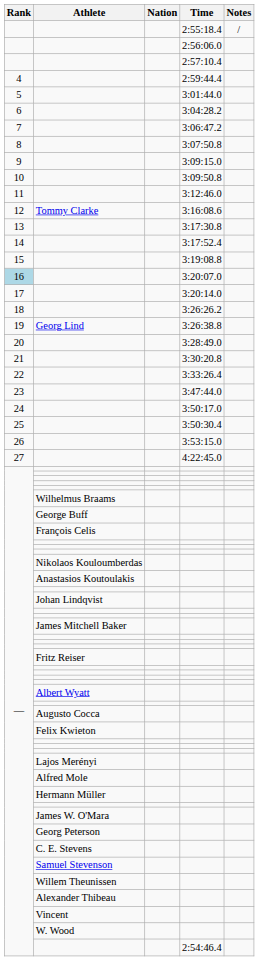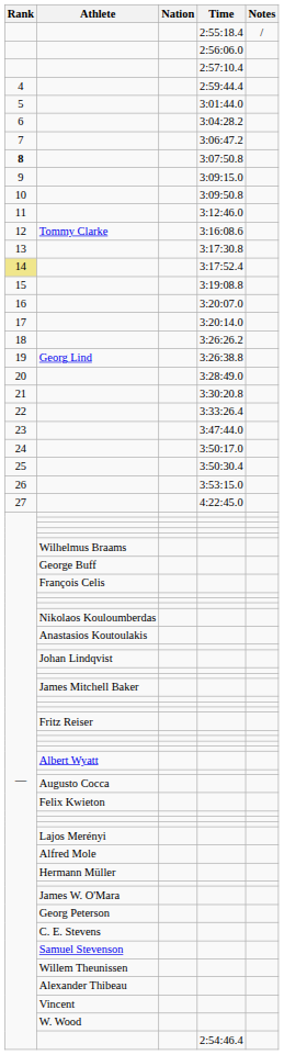 <table class="wikitable sortable" style="text-align:center">
 <tr>
 <th>Rank</th>
 <th>Athlete</th>
 <th>Nation</th>
 <th>Time</th>
 <th>Notes</th>
 </tr>
 <tr>
 <td></td>
 <td align=left></td>
 <td align=left></td>
 <td>2:55:18.4</td>
 <td>/</td>
 </tr>
 <tr>
 <td></td>
 <td align=left></td>
 <td align=left></td>
 <td>2:56:06.0</td>
 <td></td>
 </tr>
 <tr>
 <td></td>
 <td align=left></td>
 <td align=left></td>
 <td>2:57:10.4</td>
 <td></td>
 </tr>
 <tr>
 <td>4</td>
 <td align=left></td>
 <td align=left></td>
 <td>2:59:44.4</td>
 <td></td>
 </tr>
 <tr>
 <td>5</td>
 <td align=left></td>
 <td align=left></td>
 <td>3:01:44.0</td>
 <td></td>
 </tr>
 <tr>
 <td>6</td>
 <td align=left></td>
 <td align=left></td>
 <td>3:04:28.2</td>
 <td></td>
 </tr>
 <tr>
 <td>7</td>
 <td align=left></td>
 <td align=left></td>
 <td>3:06:47.2</td>
 <td></td>
 </tr>
 <tr>
-<td>8</td>
+<td><strong>8</strong></td>
 <td align=left></td>
 <td align=left></td>
 <td>3:07:50.8</td>
 <td></td>
 </tr>
 <tr>
 <td>9</td>
 <td align=left></td>
 <td align=left></td>
 <td>3:09:15.0</td>
 <td></td>
 </tr>
 <tr>
 <td>10</td>
 <td align=left></td>
 <td align=left></td>
 <td>3:09:50.8</td>
 <td></td>
 </tr>
 <tr>
 <td>11</td>
 <td align=left></td>
 <td align=left></td>
 <td>3:12:46.0</td>
 <td></td>
 </tr>
 <tr>
 <td>12</td>
 <td align=left><a href='#'>Tommy Clarke</a></td>
 <td align=left></td>
 <td>3:16:08.6</td>
 <td></td>
 </tr>
 <tr>
 <td>13</td>
 <td align=left></td>
 <td align=left></td>
 <td>3:17:30.8</td>
 <td></td>
 </tr>
 <tr>
-<td>14</td>
+<td style="background: khaki;">14</td>
 <td align=left></td>
 <td align=left></td>
 <td>3:17:52.4</td>
 <td></td>
 </tr>
 <tr>
 <td>15</td>
 <td align=left></td>
 <td align=left></td>
 <td>3:19:08.8</td>
 <td></td>
 </tr>
 <tr>
-<td style="background: lightblue;">16</td>
+<td>16</td>
 <td align=left></td>
 <td align=left></td>
 <td>3:20:07.0</td>
 <td></td>
 </tr>
 <tr>
 <td>17</td>
 <td align=left></td>
 <td align=left></td>
 <td>3:20:14.0</td>
 <td></td>
 </tr>
 <tr>
 <td>18</td>
 <td align=left></td>
 <td align=left></td>
 <td>3:26:26.2</td>
 <td></td>
 </tr>
 <tr>
 <td>19</td>
 <td align=left><a href='#'>Georg Lind</a></td>
 <td align=left></td>
 <td>3:26:38.8</td>
 <td></td>
 </tr>
 <tr>
 <td>20</td>
 <td align=left></td>
 <td align=left></td>
 <td>3:28:49.0</td>
 <td></td>
 </tr>
 <tr>
 <td>21</td>
 <td align=left></td>
 <td align=left></td>
 <td>3:30:20.8</td>
 <td></td>
 </tr>
 <tr>
 <td>22</td>
 <td align=left></td>
 <td align=left></td>
 <td>3:33:26.4</td>
 <td></td>
 </tr>
 <tr>
 <td>23</td>
 <td align=left></td>
 <td align=left></td>
 <td>3:47:44.0</td>
 <td></td>
 </tr>
 <tr>
 <td>24</td>
 <td align=left></td>
 <td align=left></td>
 <td>3:50:17.0</td>
 <td></td>
 </tr>
 <tr>
 <td>25</td>
 <td align=left></td>
 <td align=left></td>
 <td>3:50:30.4</td>
 <td></td>
 </tr>
 <tr>
 <td>26</td>
 <td align=left></td>
 <td align=left></td>
 <td>3:53:15.0</td>
 <td></td>
 </tr>
 <tr>
 <td>27</td>
 <td align=left></td>
 <td align=left></td>
 <td>4:22:45.0</td>
 <td></td>
 </tr>
 <tr>
 <td rowspan=46 data-sort-value=28>—</td>
 <td align=left></td>
 <td align=left></td>
 <td></td>
 <td></td>
 </tr>
 <tr>
 <td align=left></td>
 <td align=left></td>
 <td></td>
 <td></td>
 </tr>
 <tr>
 <td align=left></td>
 <td align=left></td>
 <td></td>
 <td></td>
 </tr>
 <tr>
 <td align=left></td>
 <td align=left></td>
 <td></td>
 <td></td>
 </tr>
 <tr>
 <td align=left></td>
 <td align=left></td>
 <td></td>
 <td></td>
 </tr>
 <tr>
 <td align=left>Wilhelmus Braams</td>
 <td align=left></td>
 <td></td>
 <td></td>
 </tr>
 <tr>
 <td align=left>George Buff</td>
 <td align=left></td>
 <td></td>
 <td></td>
 </tr>
 <tr>
 <td align=left>François Celis</td>
 <td align=left></td>
 <td></td>
 <td></td>
 </tr>
 <tr>
 <td align=left></td>
 <td align=left></td>
 <td></td>
 <td></td>
 </tr>
 <tr>
 <td align=left></td>
 <td align=left></td>
 <td></td>
 <td></td>
 </tr>
 <tr>
 <td align=left></td>
 <td align=left></td>
 <td></td>
 <td></td>
 </tr>
 <tr>
 <td align=left>Nikolaos Kouloumberdas</td>
 <td align=left></td>
 <td></td>
 <td></td>
 </tr>
 <tr>
 <td align=left>Anastasios Koutoulakis</td>
 <td align=left></td>
 <td></td>
 <td></td>
 </tr>
 <tr>
 <td align=left></td>
 <td align=left></td>
 <td></td>
 <td></td>
 </tr>
 <tr>
 <td align=left>Johan Lindqvist</td>
 <td align=left></td>
 <td></td>
 <td></td>
 </tr>
 <tr>
 <td align=left></td>
 <td align=left></td>
 <td></td>
 <td></td>
 </tr>
 <tr>
 <td align=left></td>
 <td align=left></td>
 <td></td>
 <td></td>
 </tr>
 <tr>
 <td align=left>James Mitchell Baker</td>
 <td align=left></td>
 <td></td>
 <td></td>
 </tr>
 <tr>
 <td align=left></td>
 <td align=left></td>
 <td></td>
 <td></td>
 </tr>
 <tr>
 <td align=left></td>
 <td align=left></td>
 <td></td>
 <td></td>
 </tr>
 <tr>
 <td align=left></td>
 <td align=left></td>
 <td></td>
 <td></td>
 </tr>
 <tr>
 <td align=left>Fritz Reiser</td>
 <td align=left></td>
 <td align=center></td>
 <td></td>
 </tr>
 <tr>
 <td align=left></td>
 <td align=left></td>
 <td></td>
 <td></td>
 </tr>
 <tr>
 <td align=left></td>
 <td align=left></td>
 <td></td>
 <td></td>
 </tr>
 <tr>
 <td align=left></td>
 <td align=left></td>
 <td></td>
 <td></td>
 </tr>
 <tr>
 <td align=left></td>
 <td align=left></td>
 <td></td>
 <td></td>
 </tr>
 <tr>
 <td align=left><a href='#'>Albert Wyatt</a></td>
 <td align=left></td>
 <td></td>
 <td></td>
 </tr>
 <tr>
 <td align=left></td>
 <td align=left></td>
 <td></td>
 <td></td>
 </tr>
 <tr>
 <td align=left>Augusto Cocca</td>
 <td align=left></td>
 <td></td>
 <td></td>
 </tr>
 <tr>
 <td align=left>Felix Kwieton</td>
 <td align=left></td>
 <td></td>
 <td></td>
 </tr>
 <tr>
 <td align=left></td>
 <td align=left></td>
 <td></td>
 <td></td>
 </tr>
 <tr>
 <td align=left></td>
 <td align=left></td>
 <td></td>
 <td></td>
 </tr>
 <tr>
 <td align=left></td>
 <td align=left></td>
 <td></td>
 <td></td>
 </tr>
 <tr>
 <td align=left>Lajos Merényi</td>
 <td align=left></td>
 <td></td>
 <td></td>
 </tr>
 <tr>
 <td align=left>Alfred Mole</td>
 <td align=left></td>
 <td></td>
 <td></td>
 </tr>
 <tr>
 <td align=left>Hermann Müller</td>
 <td align=left></td>
 <td></td>
 <td></td>
 </tr>
 <tr>
 <td align=left></td>
 <td align=left></td>
 <td></td>
 <td></td>
 </tr>
 <tr>
 <td align=left>James W. O'Mara</td>
 <td align=left></td>
 <td></td>
 <td></td>
 </tr>
 <tr>
 <td align=left>Georg Peterson</td>
 <td align=left></td>
 <td></td>
 <td></td>
 </tr>
 <tr>
 <td align=left>C. E. Stevens</td>
 <td align=left></td>
 <td></td>
 <td></td>
 </tr>
 <tr>
 <td align=left><a href='#'>Samuel Stevenson</a></td>
 <td align=left></td>
 <td></td>
 <td></td>
 </tr>
 <tr>
 <td align=left>Willem Theunissen</td>
 <td align=left></td>
 <td></td>
 <td></td>
 </tr>
 <tr>
 <td align=left>Alexander Thibeau</td>
 <td align=left></td>
 <td></td>
 <td></td>
 </tr>
 <tr>
 <td align=left>Vincent</td>
 <td align=left></td>
 <td></td>
 <td></td>
 </tr>
 <tr>
 <td align=left>W. Wood</td>
 <td align=left></td>
 <td></td>
 <td></td>
 </tr>
 <tr>
 <td align=left></td>
 <td align=left></td>
 <td>2:54:46.4</td>
 <td></td>
 </tr>
 </table>
